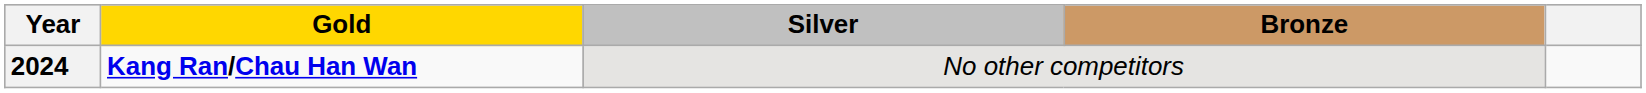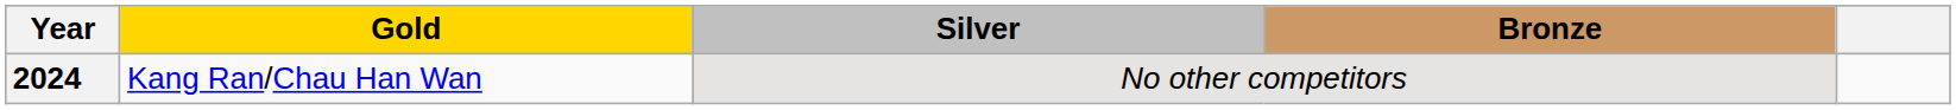 <table class="wikitable unsortable" style="text-align:left; width:80%">
 <tr>
 <th scope="col" style="text-align:center; width:5%">Year</th>
 <td scope="col" style="text-align:center; width:25%; background:gold"><strong>Gold</strong></td>
 <td scope="col" style="text-align:center; width:25%; background:silver"><strong>Silver</strong></td>
 <td scope="col" style="text-align:center; width:25%; background:#c96"><strong>Bronze</strong></td>
 <th scope="col" style="text-align:center; width:5%"></th>
 </tr>
 <tr>
 <th scope="row" style="text-align:left">2024</th>
-<td><strong><a href='#'>Kang Ran</a>/<a href='#'>Chau Han Wan</a></strong></td>
+<td><a href='#'>Kang Ran</a>/<a href='#'>Chau Han Wan</a></td>
 <td colspan="2" align="center" bgcolor="e5e4e2"><em>No other competitors</em></td>
 <td></td>
 </tr>
 </table>
